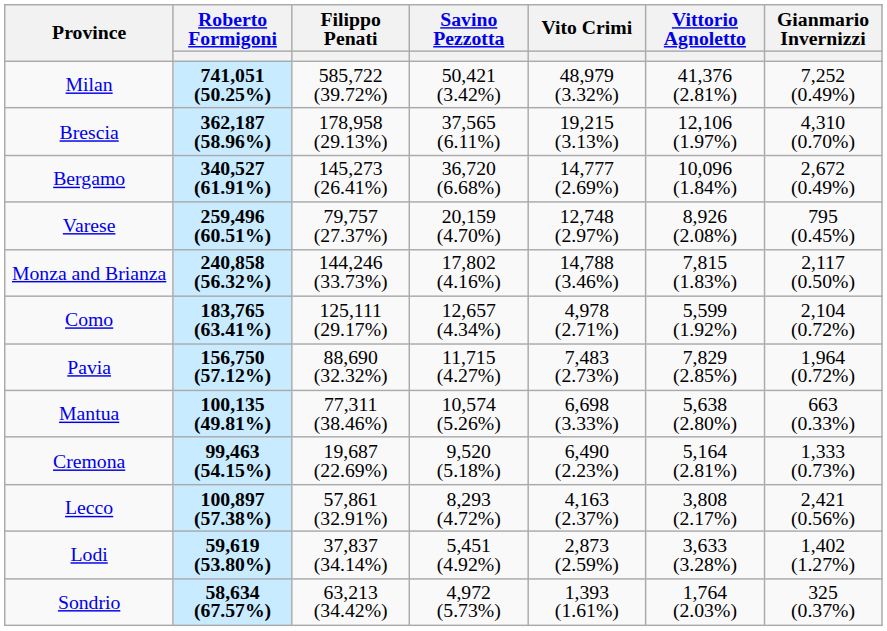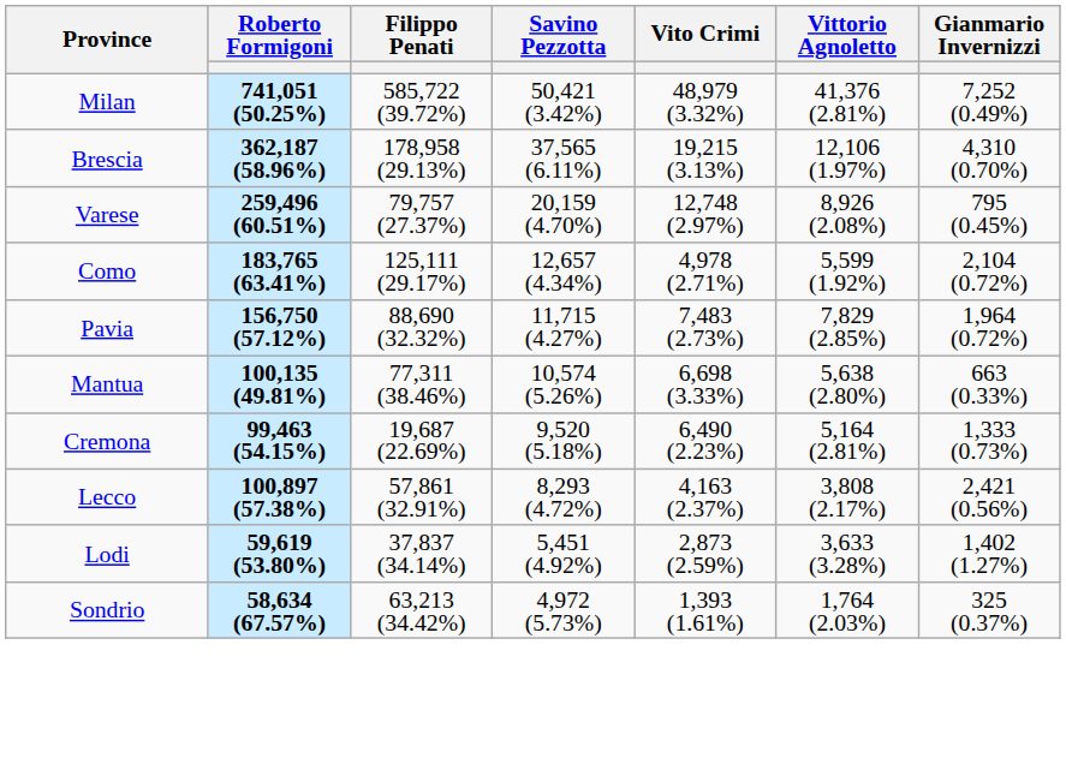 <table class="wikitable" style="text-align:center;font-size:85%;line-height:13px">
 <tr style="height:30px; background-color:#E9E9E9">
 <th style="width:110px;" rowspan="2">Province</th>
 <th style="width:75px;"><a href='#'>Roberto Formigoni</a></th>
 <th style="width:75px;">Filippo Penati</th>
 <th style="width:75px;"><a href='#'>Savino Pezzotta</a></th>
 <th style="width:75px;">Vito Crimi</th>
 <th style="width:75px;"><a href='#'>Vittorio Agnoletto</a></th>
 <th style="width:75px;">Gianmario Invernizzi</th>
 </tr>
 <tr>
 <th style="background:"></th>
 <th style="background:"></th>
 <th style="background:"></th>
 <th style="background:"></th>
 <th style="background:"></th>
 <th style="background:"></th>
 </tr>
 <tr>
 <td><a href='#'>Milan</a></td>
 <td style="background:#C8EBFF"><strong>741,051 (50.25%)</strong></td>
 <td>585,722 (39.72%)</td>
 <td>50,421 <br>(3.42%)</td>
 <td>48,979 <br>(3.32%)</td>
 <td>41,376 <br>(2.81%)</td>
 <td>7,252 <br>(0.49%)</td>
 </tr>
 <tr>
 <td><a href='#'>Brescia</a></td>
 <td style="background:#C8EBFF"><strong>362,187 (58.96%)</strong></td>
 <td>178,958 (29.13%)</td>
 <td>37,565 <br>(6.11%)</td>
 <td>19,215 <br>(3.13%)</td>
 <td>12,106 <br>(1.97%)</td>
 <td>4,310 <br>(0.70%)</td>
 </tr>
 <tr>
-<td><a href='#'>Bergamo</a></td>
-<td style="background:#C8EBFF"><strong>340,527 (61.91%)</strong></td>
-<td>145,273 (26.41%)</td>
-<td>36,720 <br>(6.68%)</td>
-<td>14,777 <br>(2.69%)</td>
-<td>10,096 <br>(1.84%)</td>
-<td>2,672 <br>(0.49%)</td>
-</tr>
-<tr>
 <td><a href='#'>Varese</a></td>
 <td style="background:#C8EBFF"><strong>259,496 (60.51%)</strong></td>
 <td>79,757 <br>(27.37%)</td>
 <td>20,159 <br>(4.70%)</td>
 <td>12,748 <br>(2.97%)</td>
 <td>8,926 <br>(2.08%)</td>
 <td>795 <br>(0.45%)</td>
-</tr>
-<tr>
-<td><a href='#'>Monza and Brianza</a></td>
-<td style="background:#C8EBFF"><strong>240,858 (56.32%)</strong></td>
-<td>144,246 (33.73%)</td>
-<td>17,802 <br>(4.16%)</td>
-<td>14,788 <br>(3.46%)</td>
-<td>7,815 <br>(1.83%)</td>
-<td>2,117 <br>(0.50%)</td>
 </tr>
 <tr>
 <td><a href='#'>Como</a></td>
 <td style="background:#C8EBFF"><strong>183,765 (63.41%)</strong></td>
 <td>125,111 (29.17%)</td>
 <td>12,657 <br>(4.34%)</td>
 <td>4,978 <br>(2.71%)</td>
 <td>5,599 <br>(1.92%)</td>
 <td>2,104 <br>(0.72%)</td>
 </tr>
 <tr>
 <td><a href='#'>Pavia</a></td>
 <td style="background:#C8EBFF"><strong>156,750 (57.12%)</strong></td>
 <td>88,690 <br>(32.32%)</td>
 <td>11,715 <br>(4.27%)</td>
 <td>7,483 <br>(2.73%)</td>
 <td>7,829 <br>(2.85%)</td>
 <td>1,964 <br>(0.72%)</td>
 </tr>
 <tr>
 <td><a href='#'>Mantua</a></td>
 <td style="background:#C8EBFF"><strong>100,135 (49.81%)</strong></td>
 <td>77,311 <br>(38.46%)</td>
 <td>10,574 <br>(5.26%)</td>
 <td>6,698 <br>(3.33%)</td>
 <td>5,638 <br>(2.80%)</td>
 <td>663 <br>(0.33%)</td>
 </tr>
 <tr>
 <td><a href='#'>Cremona</a></td>
 <td style="background:#C8EBFF"><strong>99,463 <br>(54.15%)</strong></td>
 <td>19,687 <br>(22.69%)</td>
 <td>9,520 <br>(5.18%)</td>
 <td>6,490 <br>(2.23%)</td>
 <td>5,164 <br>(2.81%)</td>
 <td>1,333 <br>(0.73%)</td>
 </tr>
 <tr>
 <td><a href='#'>Lecco</a></td>
 <td style="background:#C8EBFF"><strong>100,897 (57.38%)</strong></td>
 <td>57,861 <br>(32.91%)</td>
 <td>8,293 <br>(4.72%)</td>
 <td>4,163 <br>(2.37%)</td>
 <td>3,808 <br>(2.17%)</td>
 <td>2,421 <br>(0.56%)</td>
 </tr>
 <tr>
 <td><a href='#'>Lodi</a></td>
 <td style="background:#C8EBFF"><strong>59,619 <br>(53.80%)</strong></td>
 <td>37,837 <br>(34.14%)</td>
 <td>5,451 <br>(4.92%)</td>
 <td>2,873 <br>(2.59%)</td>
 <td>3,633 <br>(3.28%)</td>
 <td>1,402 <br>(1.27%)</td>
 </tr>
 <tr>
 <td><a href='#'>Sondrio</a></td>
 <td style="background:#C8EBFF"><strong>58,634 <br>(67.57%)</strong></td>
 <td>63,213 <br>(34.42%)</td>
 <td>4,972 <br>(5.73%)</td>
 <td>1,393 <br>(1.61%)</td>
 <td>1,764 <br>(2.03%)</td>
 <td>325 <br>(0.37%)</td>
 </tr>
 </table>
